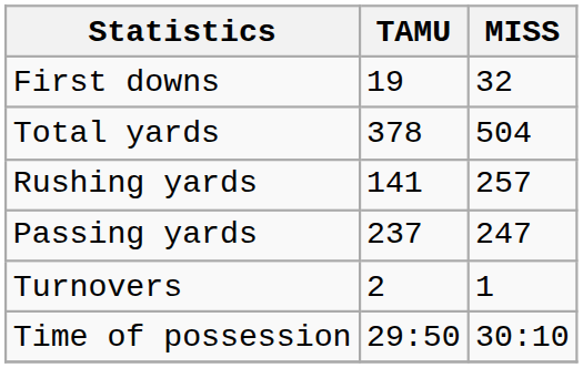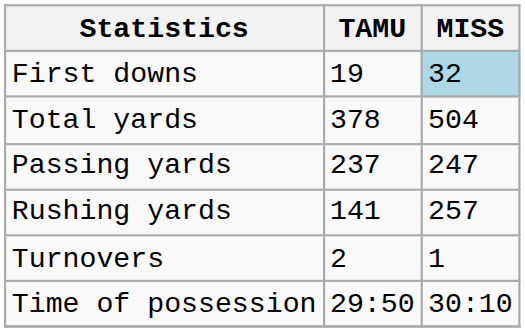 <table class="wikitable" style="float: left;">
 <tr>
 <th>Statistics</th>
 <th>TAMU</th>
 <th>MISS</th>
 </tr>
 <tr>
 <td>First downs</td>
 <td>19</td>
-<td>32</td>
+<td style="background: lightblue;">32</td>
 </tr>
 <tr>
 <td>Total yards</td>
 <td>378</td>
 <td>504</td>
 </tr>
 <tr>
+<td>Passing yards</td>
+<td>237</td>
+<td>247</td>
+</tr>
+<tr>
 <td>Rushing yards</td>
 <td>141</td>
 <td>257</td>
-</tr>
-<tr>
-<td>Passing yards</td>
-<td>237</td>
-<td>247</td>
 </tr>
 <tr>
 <td>Turnovers</td>
 <td>2</td>
 <td>1</td>
 </tr>
 <tr>
 <td>Time of possession</td>
 <td>29:50</td>
 <td>30:10</td>
 </tr>
 <tr>
 </tr>
 </table>
